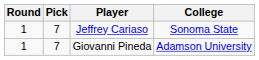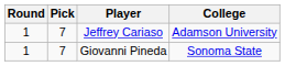 <table class="wikitable sortable sortable">
 <tr>
 <th>Round</th>
 <th>Pick</th>
 <th>Player</th>
 <th>College</th>
 </tr>
 <tr style="text-align: center">
 <td>1</td>
 <td>7</td>
 <td><a href='#'>Jeffrey Cariaso</a></td>
-<td><a href='#'>Sonoma State</a></td>
+<td><a href='#'>Adamson University</a></td>
 </tr>
 <tr style="text-align: center">
 <td>1</td>
 <td>7</td>
 <td>Giovanni Pineda</td>
-<td><a href='#'>Adamson University</a></td>
+<td><a href='#'>Sonoma State</a></td>
 </tr>
 </table>
